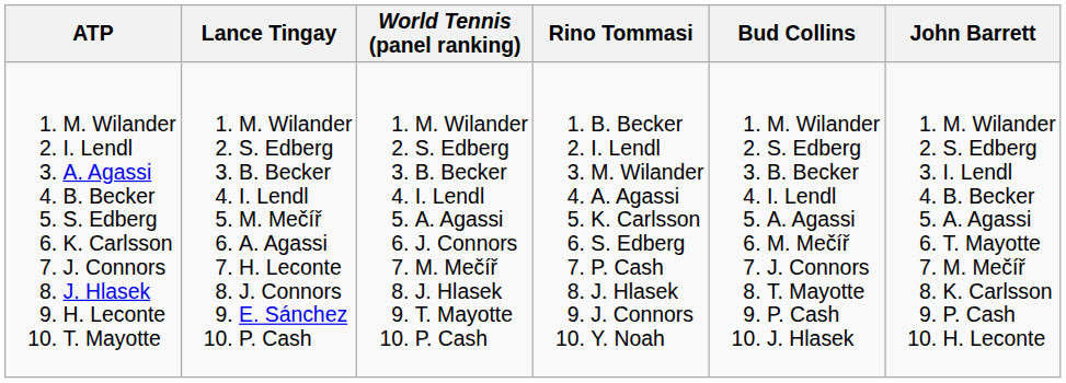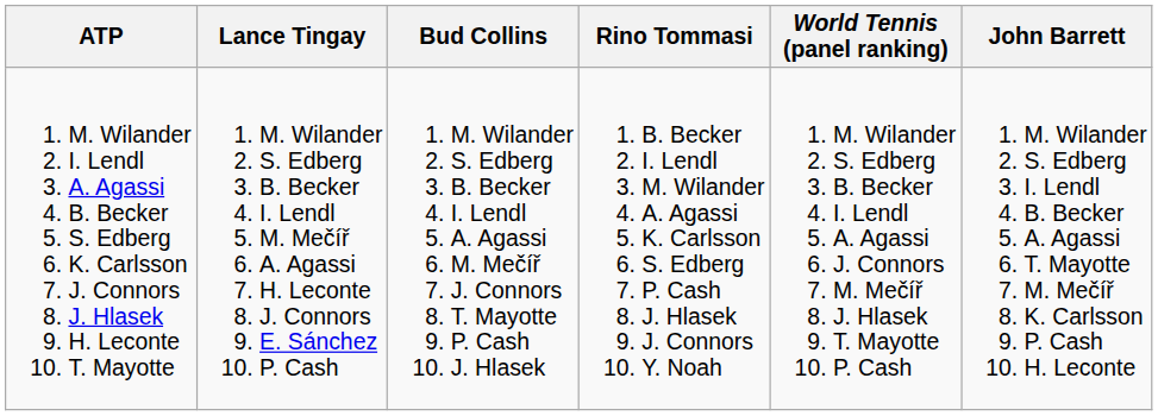 <table class="wikitable">
 <tr>
 <th>ATP</th>
 <th>Lance Tingay</th>
+<th>Bud Collins</th>
+<th>Rino Tommasi</th>
 <th><em>World Tennis<br></em>(panel ranking)</th>
-<th>Rino Tommasi</th>
-<th>Bud Collins</th>
 <th>John Barrett</th>
 </tr>
 <tr style="vertical-align: top;">
 <td style="white-space: nowrap;"><br><ol><li> M. Wilander</li><li> I. Lendl</li><li> <a href='#'>A. Agassi</a></li><li> B. Becker</li><li> S. Edberg</li><li> K. Carlsson</li><li> J. Connors</li><li> <a href='#'>J. Hlasek</a></li><li> H. Leconte</li><li> T. Mayotte</li></ol></td>
 <td style="white-space: nowrap;"><br><ol><li> M. Wilander</li><li> S. Edberg</li><li> B. Becker</li><li> I. Lendl</li><li> M. Mečíř</li><li> A. Agassi</li><li> H. Leconte</li><li> J. Connors</li><li> <a href='#'>E. Sánchez</a></li><li> P. Cash</li></ol></td>
+<td style="white-space: nowrap;"><br><ol><li> M. Wilander</li><li> S. Edberg</li><li> B. Becker</li><li> I. Lendl</li><li> A. Agassi</li><li> M. Mečíř</li><li> J. Connors</li><li> T. Mayotte</li><li> P. Cash</li><li> J. Hlasek</li></ol></td>
+<td style="white-space: nowrap;"><br><ol><li> B. Becker</li><li> I. Lendl</li><li> M. Wilander</li><li> A. Agassi</li><li> K. Carlsson</li><li> S. Edberg</li><li> P. Cash</li><li> J. Hlasek</li><li> J. Connors</li><li> Y. Noah</li></ol></td>
 <td style="white-space: nowrap;"><br><ol><li> M. Wilander</li><li> S. Edberg</li><li> B. Becker</li><li> I. Lendl</li><li> A. Agassi</li><li> J. Connors</li><li> M. Mečíř</li><li> J. Hlasek</li><li> T. Mayotte</li><li> P. Cash</li></ol></td>
-<td style="white-space: nowrap;"><br><ol><li> B. Becker</li><li> I. Lendl</li><li> M. Wilander</li><li> A. Agassi</li><li> K. Carlsson</li><li> S. Edberg</li><li> P. Cash</li><li> J. Hlasek</li><li> J. Connors</li><li> Y. Noah</li></ol></td>
-<td style="white-space: nowrap;"><br><ol><li> M. Wilander</li><li> S. Edberg</li><li> B. Becker</li><li> I. Lendl</li><li> A. Agassi</li><li> M. Mečíř</li><li> J. Connors</li><li> T. Mayotte</li><li> P. Cash</li><li> J. Hlasek</li></ol></td>
 <td style="white-space: nowrap;"><br><ol><li> M. Wilander</li><li> S. Edberg</li><li> I. Lendl</li><li> B. Becker</li><li> A. Agassi</li><li> T. Mayotte</li><li> M. Mečíř</li><li> K. Carlsson</li><li> P. Cash</li><li> H. Leconte</li></ol></td>
 </tr>
 </table>
